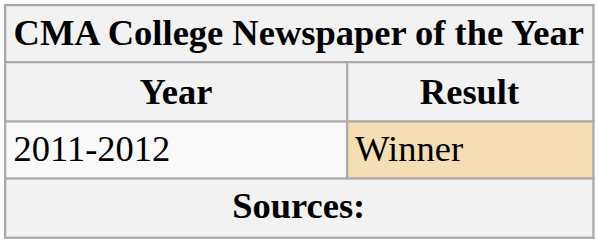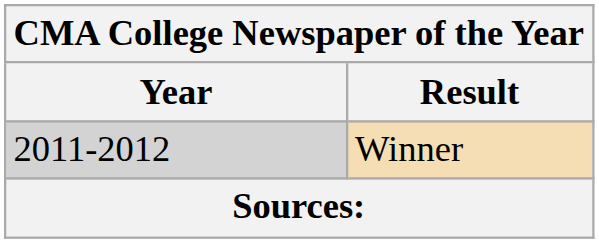 <table class="wikitable">
 <tr>
 <th colspan="2">CMA College Newspaper of the Year</th>
 </tr>
 <tr>
 <th>Year</th>
 <th>Result</th>
 </tr>
 <tr>
-<td>2011-2012</td>
+<td style="background: lightgrey;">2011-2012</td>
 <td style="background:wheat;">Winner</td>
 </tr>
 <tr>
 <th colspan="2">Sources:</th>
 </tr>
 </table>
